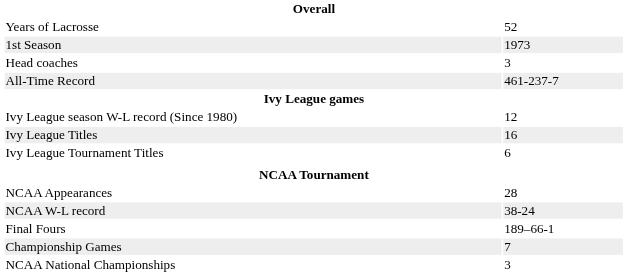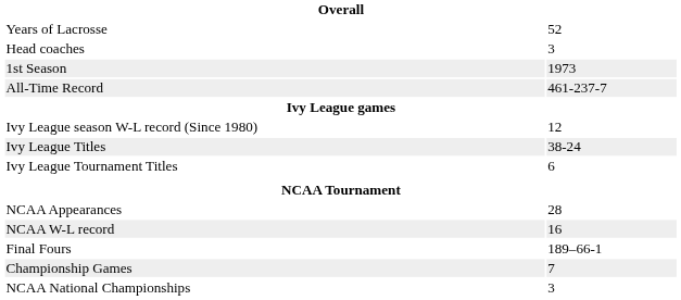 <table width=60% class="toccolours">
 <tr>
 <th colspan=2>Overall</th>
 </tr>
 <tr>
 <td>Years of Lacrosse</td>
 <td>52</td>
 </tr>
+<tr>
+<td>Head coaches</td>
+<td>3</td>
+</tr>
 <tr bgcolor=#eeeeee>
 <td>1st Season</td>
 <td>1973</td>
-</tr>
-<tr>
-<td>Head coaches</td>
-<td>3</td>
 </tr>
 <tr bgcolor=#eeeeee>
 <td>All-Time Record</td>
 <td>461-237-7</td>
 </tr>
 <tr>
 <th colspan=2>Ivy League games</th>
 </tr>
 <tr>
 <td>Ivy League season W-L record (Since 1980)</td>
 <td>12</td>
 </tr>
 <tr bgcolor=#eeeeee>
 <td>Ivy League Titles</td>
-<td>16</td>
+<td>38-24</td>
 </tr>
 <tr>
 <td>Ivy League Tournament Titles</td>
 <td>6</td>
 </tr>
 <tr>
 </tr>
 <tr bgcolor=#eeeeee>
 </tr>
 <tr>
 <th colspan=2>NCAA Tournament</th>
 </tr>
 <tr>
 <td>NCAA Appearances</td>
 <td>28</td>
 </tr>
 <tr bgcolor=#eeeeee>
 <td>NCAA W-L record</td>
-<td>38-24</td>
+<td>16</td>
 </tr>
 <tr>
 <td>Final Fours</td>
 <td>189–66-1</td>
 </tr>
 <tr bgcolor=#eeeeee>
 <td>Championship Games</td>
 <td>7</td>
 </tr>
 <tr>
 <td>NCAA National Championships</td>
 <td>3</td>
 </tr>
 </table>
